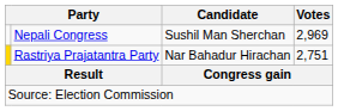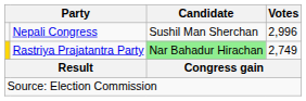 <table class="wikitable">
 <tr>
 <th colspan="2">Party</th>
 <th>Candidate</th>
 <th>Votes</th>
 </tr>
 <tr>
 <td style="background-color:"></td>
 <td><a href='#'>Nepali Congress</a></td>
 <td>Sushil Man Sherchan</td>
-<td>2,969</td>
+<td>2,996</td>
 </tr>
 <tr>
 <td style="background-color:gold"></td>
 <td><a href='#'>Rastriya Prajatantra Party</a></td>
-<td>Nar Bahadur Hirachan</td>
-<td>2,751</td>
+<td style="background: lightgreen;">Nar Bahadur Hirachan</td>
+<td>2,749</td>
 </tr>
 <tr>
 <th colspan="2">Result</th>
 <th colspan="2">Congress gain</th>
 </tr>
 <tr>
 <td colspan="4">Source: Election Commission</td>
 </tr>
 </table>
